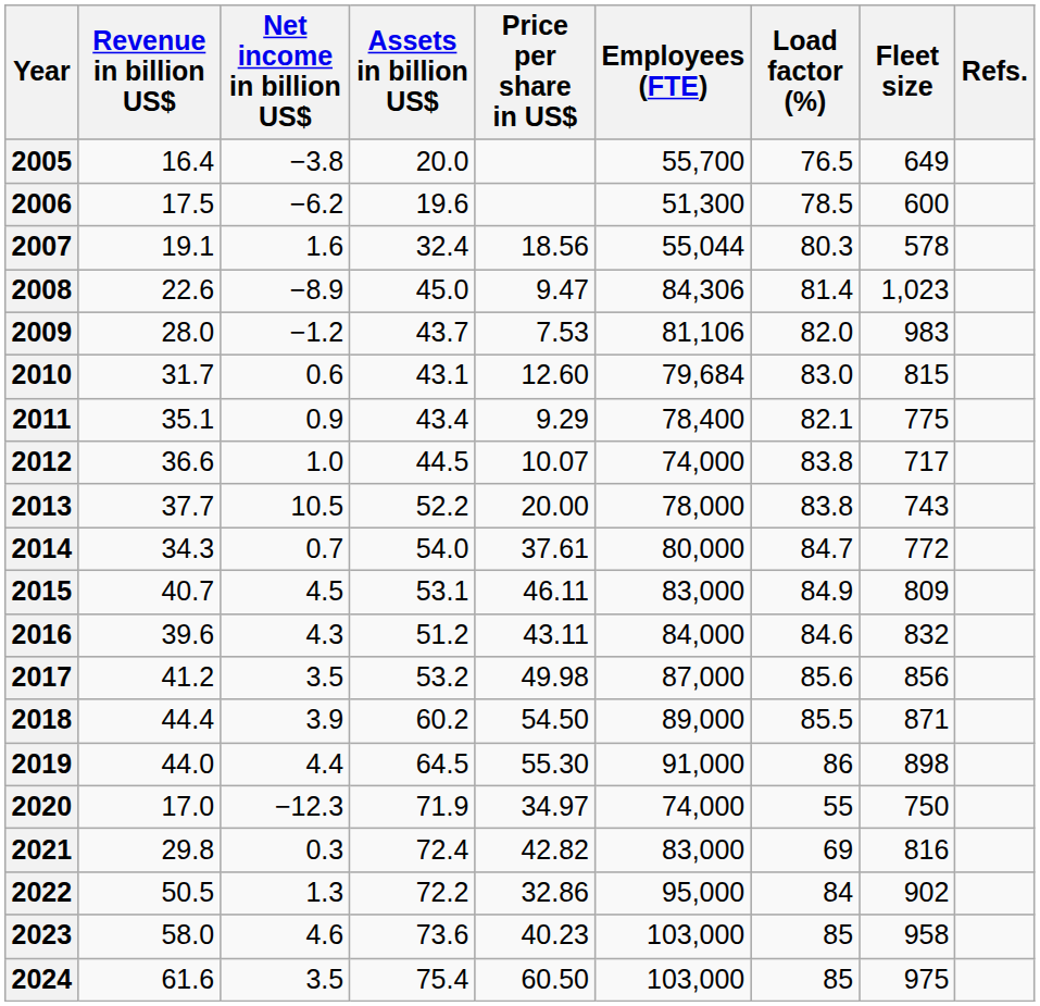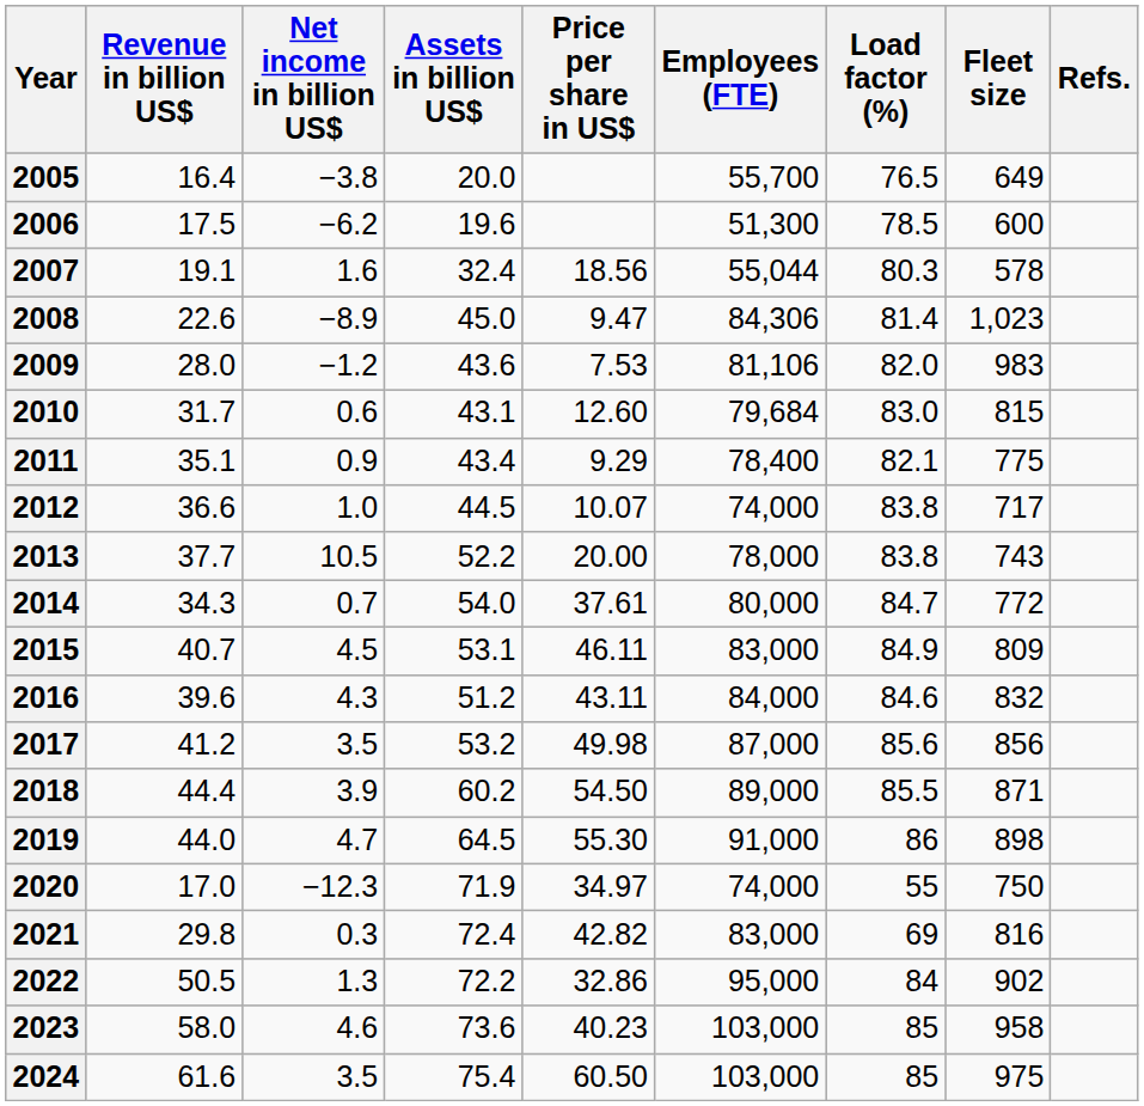 <table class="wikitable sortable" style="text-align:right;">
 <tr>
 <th scope="col">Year</th>
 <th scope="col"><a href='#'>Revenue</a><br>in billion US$</th>
 <th scope="col"><a href='#'>Net income</a><br>in billion US$</th>
 <th scope="col"><a href='#'>Assets</a><br>in billion US$</th>
 <th scope="col">Price per share<br>in US$<br></th>
 <th>Employees<br>(<a href='#'>FTE</a>)</th>
 <th>Load factor<br>(%)</th>
 <th>Fleet size</th>
 <th scope="col">Refs.</th>
 </tr>
 <tr>
 <th scope="row">2005</th>
 <td>16.4</td>
 <td><span>−3.8</span></td>
 <td>20.0</td>
 <td></td>
 <td>55,700</td>
 <td>76.5</td>
 <td>649</td>
 <td></td>
 </tr>
 <tr>
 <th scope="row">2006</th>
 <td>17.5</td>
 <td><span>−6.2</span></td>
 <td>19.6</td>
 <td></td>
 <td>51,300</td>
 <td>78.5</td>
 <td>600</td>
 <td></td>
 </tr>
 <tr>
 <th scope="row">2007</th>
 <td>19.1</td>
 <td>1.6</td>
 <td>32.4</td>
 <td>18.56</td>
 <td>55,044</td>
 <td>80.3</td>
 <td>578</td>
 <td></td>
 </tr>
 <tr>
 <th scope="row">2008</th>
 <td>22.6</td>
 <td><span>−8.9</span></td>
 <td>45.0</td>
 <td>9.47</td>
 <td>84,306</td>
 <td>81.4</td>
 <td>1,023</td>
 <td></td>
 </tr>
 <tr>
 <th scope="row">2009</th>
 <td>28.0</td>
 <td><span>−1.2</span></td>
-<td>43.7</td>
+<td>43.6</td>
 <td>7.53</td>
 <td>81,106</td>
 <td>82.0</td>
 <td>983</td>
 <td></td>
 </tr>
 <tr>
 <th scope="row">2010</th>
 <td>31.7</td>
 <td>0.6</td>
 <td>43.1</td>
 <td>12.60</td>
 <td>79,684</td>
 <td>83.0</td>
 <td>815</td>
 <td></td>
 </tr>
 <tr>
 <th scope="row">2011</th>
 <td>35.1</td>
 <td>0.9</td>
 <td>43.4</td>
 <td>9.29</td>
 <td>78,400</td>
 <td>82.1</td>
 <td>775</td>
 <td></td>
 </tr>
 <tr>
 <th scope="row">2012</th>
 <td>36.6</td>
 <td>1.0</td>
 <td>44.5</td>
 <td>10.07</td>
 <td>74,000</td>
 <td>83.8</td>
 <td>717</td>
 <td></td>
 </tr>
 <tr>
 <th scope="row">2013</th>
 <td>37.7</td>
 <td>10.5</td>
 <td>52.2</td>
 <td>20.00</td>
 <td>78,000</td>
 <td>83.8</td>
 <td>743</td>
 <td></td>
 </tr>
 <tr>
 <th scope="row">2014</th>
 <td>34.3</td>
 <td>0.7</td>
 <td>54.0</td>
 <td>37.61</td>
 <td>80,000</td>
 <td>84.7</td>
 <td>772</td>
 <td></td>
 </tr>
 <tr>
 <th scope="row">2015</th>
 <td>40.7</td>
 <td>4.5</td>
 <td>53.1</td>
 <td>46.11</td>
 <td>83,000</td>
 <td>84.9</td>
 <td>809</td>
 <td></td>
 </tr>
 <tr>
 <th scope="row">2016</th>
 <td>39.6</td>
 <td>4.3</td>
 <td>51.2</td>
 <td>43.11</td>
 <td>84,000</td>
 <td>84.6</td>
 <td>832</td>
 <td></td>
 </tr>
 <tr>
 <th scope="row">2017</th>
 <td>41.2</td>
 <td>3.5</td>
 <td>53.2</td>
 <td>49.98</td>
 <td>87,000</td>
 <td>85.6</td>
 <td>856</td>
 <td></td>
 </tr>
 <tr>
 <th scope="row">2018</th>
 <td>44.4</td>
 <td>3.9</td>
 <td>60.2</td>
 <td>54.50</td>
 <td>89,000</td>
 <td>85.5</td>
 <td>871</td>
 <td></td>
 </tr>
 <tr>
 <th>2019</th>
 <td>44.0</td>
-<td>4.4</td>
+<td>4.7</td>
 <td>64.5</td>
 <td>55.30</td>
 <td>91,000</td>
 <td>86</td>
 <td>898</td>
 <td></td>
 </tr>
 <tr>
 <th>2020</th>
 <td>17.0</td>
 <td><span>−12.3</span></td>
 <td>71.9</td>
 <td>34.97</td>
 <td>74,000</td>
 <td>55</td>
 <td>750</td>
 <td></td>
 </tr>
 <tr>
 <th>2021</th>
 <td>29.8</td>
 <td>0.3</td>
 <td>72.4</td>
 <td>42.82</td>
 <td>83,000</td>
 <td>69</td>
 <td>816</td>
 <td></td>
 </tr>
 <tr>
 <th>2022</th>
 <td>50.5</td>
 <td>1.3</td>
 <td>72.2</td>
 <td>32.86</td>
 <td>95,000</td>
 <td>84</td>
 <td>902</td>
 <td></td>
 </tr>
 <tr>
 <th>2023</th>
 <td>58.0</td>
 <td>4.6</td>
 <td>73.6</td>
 <td>40.23</td>
 <td>103,000</td>
 <td>85</td>
 <td>958</td>
 <td></td>
 </tr>
 <tr>
 <th>2024</th>
 <td>61.6</td>
 <td>3.5</td>
 <td>75.4</td>
 <td>60.50</td>
 <td>103,000</td>
 <td>85</td>
 <td>975</td>
 <td></td>
 </tr>
 </table>
